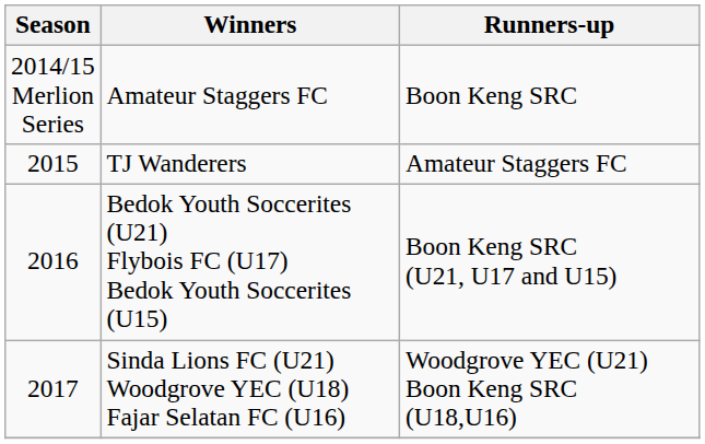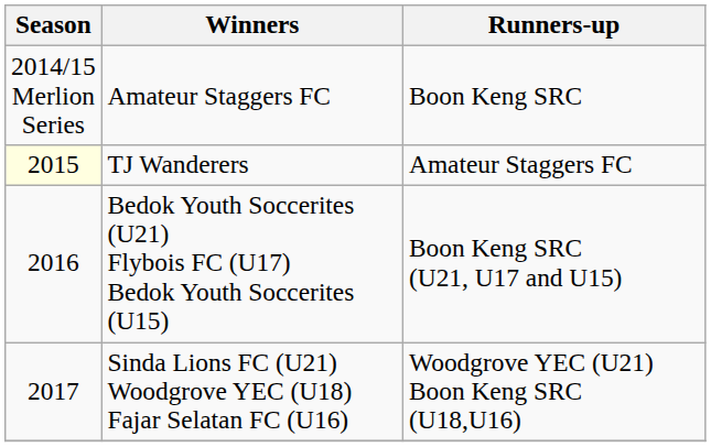 <table class="wikitable" style="text-align:center">
 <tr>
 <th width='25'>Season</th>
 <th width='180'>Winners</th>
 <th width='180'>Runners-up</th>
 </tr>
 <tr>
 <td>2014/15 Merlion Series</td>
 <td align='left'>Amateur Staggers FC</td>
 <td align='left'>Boon Keng SRC</td>
 </tr>
 <tr>
-<td>2015</td>
+<td style="background: lightyellow;">2015</td>
 <td align='left'>TJ Wanderers</td>
 <td align='left'>Amateur Staggers FC</td>
 </tr>
 <tr>
 <td>2016</td>
 <td align='left'>Bedok Youth Soccerites (U21)<br>Flybois FC (U17)<br>Bedok Youth Soccerites (U15)</td>
 <td align='left'>Boon Keng SRC <br>(U21, U17 and U15)</td>
 </tr>
 <tr>
 <td>2017</td>
 <td align='left'>Sinda Lions FC (U21) <br> Woodgrove YEC (U18) <br> Fajar Selatan FC (U16)</td>
 <td align= 'left'>Woodgrove YEC (U21) <br> Boon Keng SRC (U18,U16)</td>
 </tr>
 <tr>
 </tr>
 </table>
